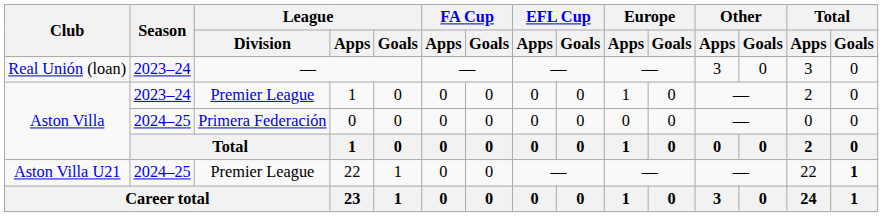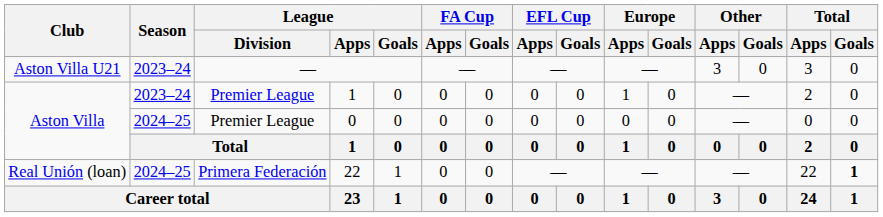 <table class="wikitable" style="text-align:center">
 <tr>
 <th rowspan="2">Club</th>
 <th rowspan="2">Season</th>
 <th colspan="3">League</th>
 <th colspan="2"><a href='#'>FA Cup</a></th>
 <th colspan="2"><a href='#'>EFL Cup</a></th>
 <th colspan="2">Europe</th>
 <th colspan="2">Other</th>
 <th colspan="2">Total</th>
 </tr>
 <tr>
 <th>Division</th>
 <th>Apps</th>
 <th>Goals</th>
 <th>Apps</th>
 <th>Goals</th>
 <th>Apps</th>
 <th>Goals</th>
 <th>Apps</th>
 <th>Goals</th>
 <th>Apps</th>
 <th>Goals</th>
 <th>Apps</th>
 <th>Goals</th>
 </tr>
 <tr>
-<td><a href='#'>Real Unión</a> (loan)</td>
+<td><a href='#'>Aston Villa U21</a></td>
 <td><a href='#'>2023–24</a></td>
 <td colspan="3">—</td>
 <td colspan="2">—</td>
 <td colspan="2">—</td>
 <td colspan="2">—</td>
 <td>3</td>
 <td>0</td>
 <td>3</td>
 <td>0</td>
 </tr>
 <tr>
 <td rowspan="3"><a href='#'>Aston Villa</a></td>
 <td><a href='#'>2023–24</a></td>
 <td><a href='#'>Premier League</a></td>
 <td>1</td>
 <td>0</td>
 <td>0</td>
 <td>0</td>
 <td>0</td>
 <td>0</td>
 <td>1</td>
 <td>0</td>
 <td colspan="2">—</td>
 <td>2</td>
 <td>0</td>
 </tr>
 <tr>
 <td><a href='#'>2024–25</a></td>
-<td><a href='#'>Primera Federación</a></td>
+<td>Premier League</td>
 <td>0</td>
 <td>0</td>
 <td>0</td>
 <td>0</td>
 <td>0</td>
 <td>0</td>
 <td>0</td>
 <td>0</td>
 <td colspan="2">—</td>
 <td>0</td>
 <td>0</td>
 </tr>
 <tr>
 <th colspan="2">Total</th>
 <th>1</th>
 <th>0</th>
 <th>0</th>
 <th>0</th>
 <th>0</th>
 <th>0</th>
 <th>1</th>
 <th>0</th>
 <th>0</th>
 <th>0</th>
 <th>2</th>
 <th>0</th>
 </tr>
 <tr>
-<td><a href='#'>Aston Villa U21</a></td>
+<td><a href='#'>Real Unión</a> (loan)</td>
 <td><a href='#'>2024–25</a></td>
-<td>Premier League</td>
+<td><a href='#'>Primera Federación</a></td>
 <td>22</td>
 <td>1</td>
 <td>0</td>
 <td>0</td>
 <td colspan="2">—</td>
 <td colspan="2">—</td>
 <td colspan="2">—</td>
 <td>22</td>
 <td><strong>1</strong></td>
 </tr>
 <tr>
 <th colspan="3">Career total</th>
 <th>23</th>
 <th>1</th>
 <th>0</th>
 <th>0</th>
 <th>0</th>
 <th>0</th>
 <th>1</th>
 <th>0</th>
 <th>3</th>
 <th>0</th>
 <th>24</th>
 <th>1</th>
 </tr>
 </table>
